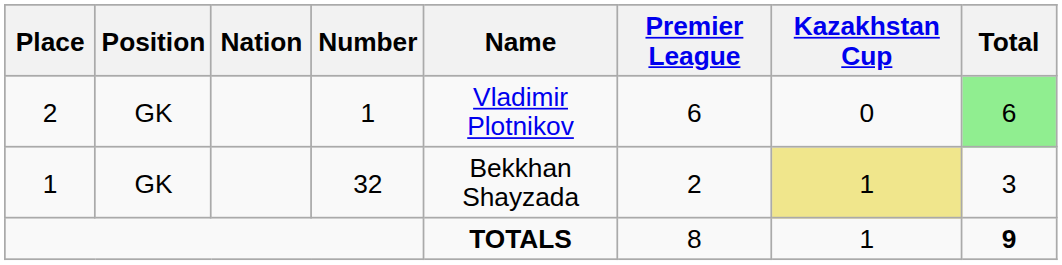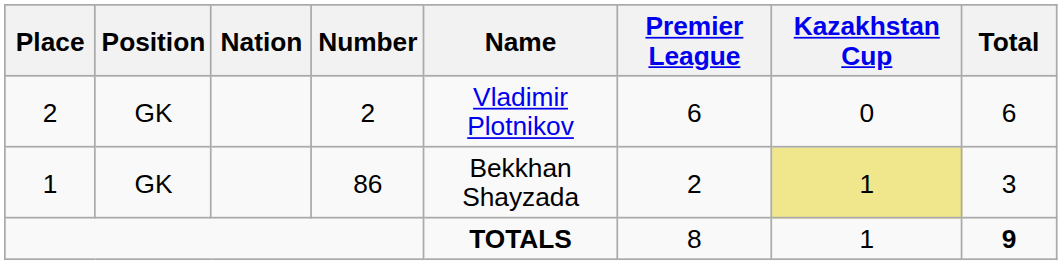 <table class="wikitable" style="font-size: 95%; text-align: center;">
 <tr>
 <th width=60>Place</th>
 <th width=60>Position</th>
 <th width=60>Nation</th>
 <th width=60>Number</th>
 <th width=200>Name</th>
 <th width=150><a href='#'>Premier League</a></th>
 <th width=150><a href='#'>Kazakhstan Cup</a></th>
 <th width=80>Total</th>
 </tr>
 <tr>
 <td>2</td>
 <td>GK</td>
 <td></td>
-<td>1</td>
+<td>2</td>
 <td><a href='#'>Vladimir Plotnikov</a></td>
 <td>6</td>
 <td>0</td>
-<td style="background: lightgreen;">6</td>
+<td>6</td>
 </tr>
 <tr>
 <td>1</td>
 <td>GK</td>
 <td></td>
-<td>32</td>
+<td>86</td>
 <td>Bekkhan Shayzada</td>
 <td>2</td>
 <td style="background: khaki;">1</td>
 <td>3</td>
 </tr>
 <tr>
 <td colspan="4"></td>
 <td><strong>TOTALS</strong></td>
 <td>8</td>
 <td>1</td>
 <td><strong>9</strong></td>
 </tr>
 </table>
